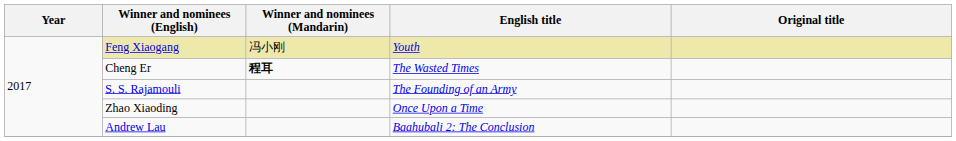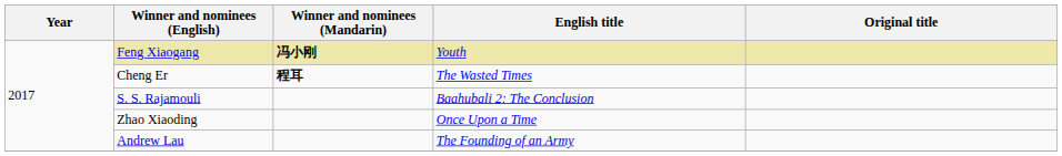 <table class="wikitable" style="width:100%;">
 <tr style="background:#bebebe">
 <th width="100"><strong>Year</strong></th>
 <th width="150"><strong>Winner and nominees<br>(English)</strong></th>
 <th width="150"><strong>Winner and nominees<br>(Mandarin)</strong></th>
 <th width="300"><strong>English title</strong></th>
 <th width="300"><strong>Original title</strong></th>
 </tr>
 <tr>
 <td rowspan="5">2017</td>
 <td style="background:#EEE8AA;"><a href='#'>Feng Xiaogang</a></td>
-<td style="background:#EEE8AA;">冯小刚</td>
+<td style="background:#EEE8AA;"><strong>冯小刚</strong></td>
 <td style="background:#EEE8AA;"><em><a href='#'>Youth</a></em></td>
 <td style="background:#EEE8AA;"></td>
 </tr>
 <tr>
 <td>Cheng Er</td>
 <td><strong>程耳</strong></td>
 <td><em><a href='#'>The Wasted Times</a></em></td>
 <td></td>
 </tr>
 <tr>
 <td><a href='#'>S. S. Rajamouli</a></td>
 <td></td>
-<td><em><a href='#'>The Founding of an Army</a></em></td>
+<td><em><a href='#'>Baahubali 2: The Conclusion</a></em></td>
 <td></td>
 </tr>
 <tr>
 <td>Zhao Xiaoding</td>
 <td></td>
 <td><em><a href='#'>Once Upon a Time</a></em></td>
 <td></td>
 </tr>
 <tr>
 <td><a href='#'>Andrew Lau</a></td>
 <td></td>
-<td><em><a href='#'>Baahubali 2: The Conclusion</a></em></td>
+<td><em><a href='#'>The Founding of an Army</a></em></td>
 <td></td>
 </tr>
 <tr>
 </tr>
 </table>
